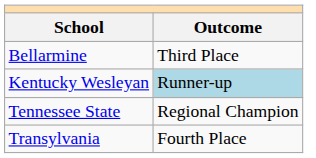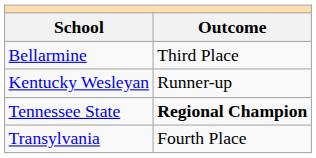 <table class="wikitable" style="float:left; margin-right:1em;">
 <tr>
 <th colspan="3" style="background:#ffdead;"></th>
 </tr>
 <tr>
 <th>School</th>
 <th>Outcome</th>
 </tr>
 <tr>
 <td><a href='#'>Bellarmine</a></td>
 <td>Third Place</td>
 </tr>
 <tr>
 <td><a href='#'>Kentucky Wesleyan</a></td>
-<td style="background: lightblue;">Runner-up</td>
+<td>Runner-up</td>
 </tr>
 <tr>
 <td><a href='#'>Tennessee State</a></td>
-<td>Regional Champion</td>
+<td><strong>Regional Champion</strong></td>
 </tr>
 <tr>
 <td><a href='#'>Transylvania</a></td>
 <td>Fourth Place</td>
 </tr>
 </table>
